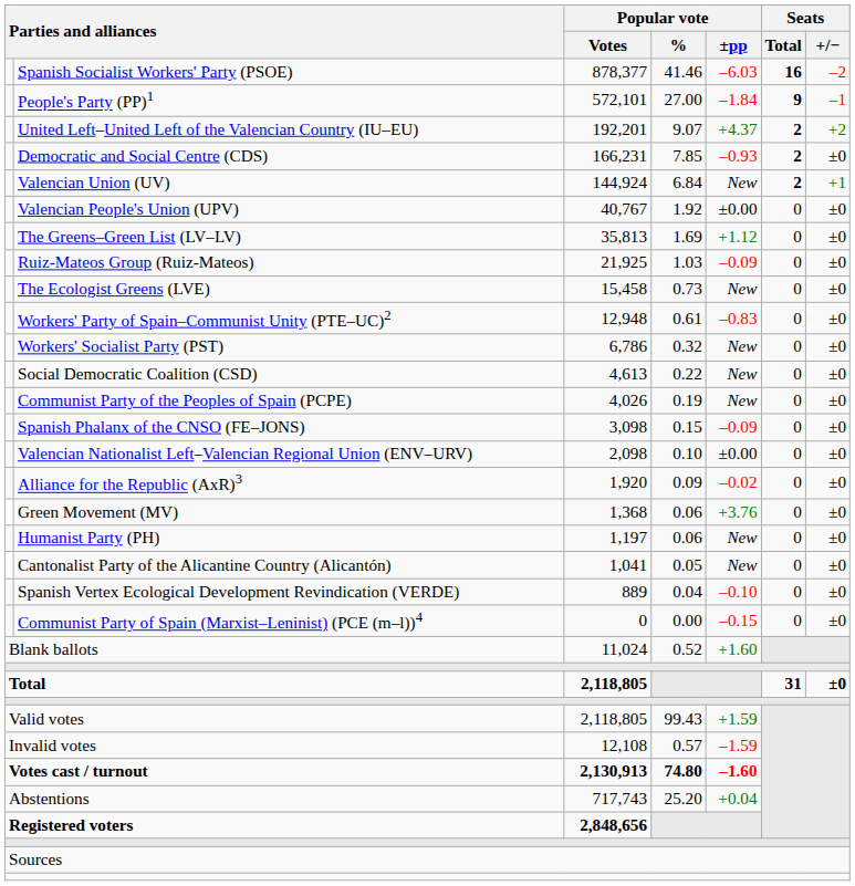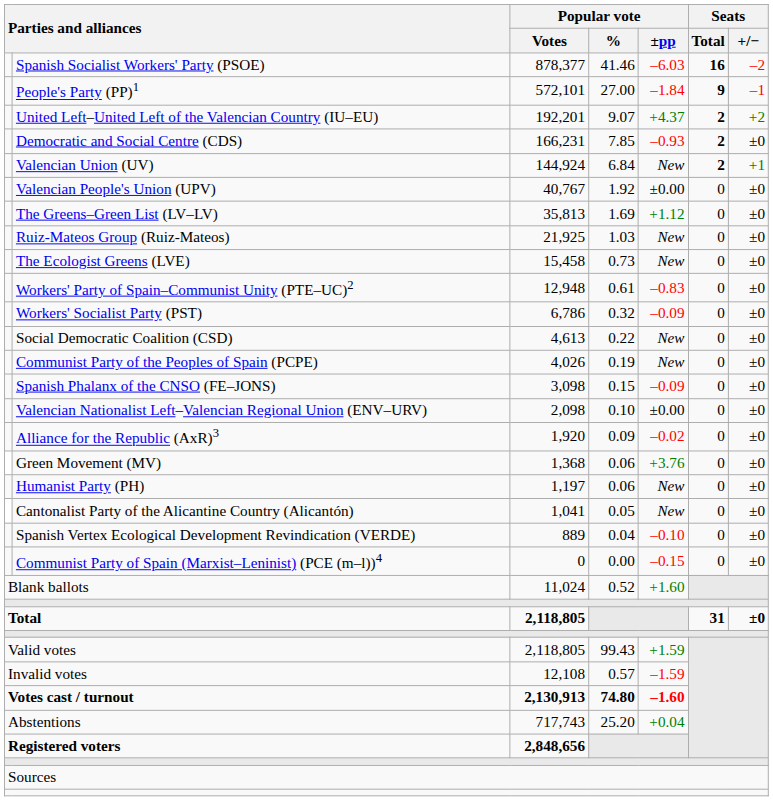 <table class="wikitable" style="text-align:right;">
 <tr>
 <th style="text-align:left;" rowspan="2" colspan="2" width="525">Parties and alliances</th>
 <th colspan="3">Popular vote</th>
 <th colspan="2">Seats</th>
 </tr>
 <tr>
 <th width="75">Votes</th>
 <th width="45">%</th>
 <th width="45">±<a href='#'>pp</a></th>
 <th width="35">Total</th>
 <th width="35">+/−</th>
 </tr>
 <tr>
 <td width="1" style="color:inherit;background:"></td>
 <td align="left"><a href='#'>Spanish Socialist Workers' Party</a> (PSOE)</td>
 <td>878,377</td>
 <td>41.46</td>
 <td style="color:red;">–6.03</td>
 <td><strong>16</strong></td>
 <td style="color:red;">–2</td>
 </tr>
 <tr>
 <td style="color:inherit;background:"></td>
 <td align="left"><a href='#'>People's Party</a> (PP)<sup>1</sup></td>
 <td>572,101</td>
 <td>27.00</td>
 <td style="color:red;">–1.84</td>
 <td><strong>9</strong></td>
 <td style="color:red;">–1</td>
 </tr>
 <tr>
 <td style="color:inherit;background:"></td>
 <td align="left"><a href='#'>United Left</a>–<a href='#'>United Left of the Valencian Country</a> (IU–EU)</td>
 <td>192,201</td>
 <td>9.07</td>
 <td style="color:green;">+4.37</td>
 <td><strong>2</strong></td>
 <td style="color:green;">+2</td>
 </tr>
 <tr>
 <td style="color:inherit;background:"></td>
 <td align="left"><a href='#'>Democratic and Social Centre</a> (CDS)</td>
 <td>166,231</td>
 <td>7.85</td>
 <td style="color:red;">–0.93</td>
 <td><strong>2</strong></td>
 <td>±0</td>
 </tr>
 <tr>
 <td style="color:inherit;background:"></td>
 <td align="left"><a href='#'>Valencian Union</a> (UV)</td>
 <td>144,924</td>
 <td>6.84</td>
 <td><em>New</em></td>
 <td><strong>2</strong></td>
 <td style="color:green;">+1</td>
 </tr>
 <tr>
 <td style="color:inherit;background:"></td>
 <td align="left"><a href='#'>Valencian People's Union</a> (UPV)</td>
 <td>40,767</td>
 <td>1.92</td>
 <td>±0.00</td>
 <td>0</td>
 <td>±0</td>
 </tr>
 <tr>
 <td style="color:inherit;background:"></td>
 <td align="left"><a href='#'>The Greens–Green List</a> (LV–LV)</td>
 <td>35,813</td>
 <td>1.69</td>
 <td style="color:green;">+1.12</td>
 <td>0</td>
 <td>±0</td>
 </tr>
 <tr>
 <td style="color:inherit;background:"></td>
 <td align="left"><a href='#'>Ruiz-Mateos Group</a> (Ruiz-Mateos)</td>
 <td>21,925</td>
 <td>1.03</td>
-<td style="color:red;">–0.09</td>
+<td><em>New</em></td>
 <td>0</td>
 <td>±0</td>
 </tr>
 <tr>
 <td style="color:inherit;background:"></td>
 <td align="left"><a href='#'>The Ecologist Greens</a> (LVE)</td>
 <td>15,458</td>
 <td>0.73</td>
 <td><em>New</em></td>
 <td>0</td>
 <td>±0</td>
 </tr>
 <tr>
 <td style="color:inherit;background:"></td>
 <td align="left"><a href='#'>Workers' Party of Spain–Communist Unity</a> (PTE–UC)<sup>2</sup></td>
 <td>12,948</td>
 <td>0.61</td>
 <td style="color:red;">–0.83</td>
 <td>0</td>
 <td>±0</td>
 </tr>
 <tr>
 <td style="color:inherit;background:"></td>
 <td align="left"><a href='#'>Workers' Socialist Party</a> (PST)</td>
 <td>6,786</td>
 <td>0.32</td>
-<td><em>New</em></td>
+<td style="color:red;">–0.09</td>
 <td>0</td>
 <td>±0</td>
 </tr>
 <tr>
 <td style="color:inherit;background:"></td>
 <td align="left">Social Democratic Coalition (CSD)</td>
 <td>4,613</td>
 <td>0.22</td>
 <td><em>New</em></td>
 <td>0</td>
 <td>±0</td>
 </tr>
 <tr>
 <td style="color:inherit;background:"></td>
 <td align="left"><a href='#'>Communist Party of the Peoples of Spain</a> (PCPE)</td>
 <td>4,026</td>
 <td>0.19</td>
 <td><em>New</em></td>
 <td>0</td>
 <td>±0</td>
 </tr>
 <tr>
 <td style="color:inherit;background:"></td>
 <td align="left"><a href='#'>Spanish Phalanx of the CNSO</a> (FE–JONS)</td>
 <td>3,098</td>
 <td>0.15</td>
 <td style="color:red;">–0.09</td>
 <td>0</td>
 <td>±0</td>
 </tr>
 <tr>
 <td style="color:inherit;background:"></td>
 <td align="left"><a href='#'>Valencian Nationalist Left</a>–<a href='#'>Valencian Regional Union</a> (ENV–URV)</td>
 <td>2,098</td>
 <td>0.10</td>
 <td>±0.00</td>
 <td>0</td>
 <td>±0</td>
 </tr>
 <tr>
 <td style="color:inherit;background:"></td>
 <td align="left"><a href='#'>Alliance for the Republic</a> (AxR)<sup>3</sup></td>
 <td>1,920</td>
 <td>0.09</td>
 <td style="color:red;">–0.02</td>
 <td>0</td>
 <td>±0</td>
 </tr>
 <tr>
 <td bgcolor="white"></td>
 <td align="left">Green Movement (MV)</td>
 <td>1,368</td>
 <td>0.06</td>
 <td style="color:green;">+3.76</td>
 <td>0</td>
 <td>±0</td>
 </tr>
 <tr>
 <td style="color:inherit;background:"></td>
 <td align="left"><a href='#'>Humanist Party</a> (PH)</td>
 <td>1,197</td>
 <td>0.06</td>
 <td><em>New</em></td>
 <td>0</td>
 <td>±0</td>
 </tr>
 <tr>
 <td bgcolor="white"></td>
 <td align="left">Cantonalist Party of the Alicantine Country (Alicantón)</td>
 <td>1,041</td>
 <td>0.05</td>
 <td><em>New</em></td>
 <td>0</td>
 <td>±0</td>
 </tr>
 <tr>
 <td style="color:inherit;background:"></td>
 <td align="left">Spanish Vertex Ecological Development Revindication (VERDE)</td>
 <td>889</td>
 <td>0.04</td>
 <td style="color:red;">–0.10</td>
 <td>0</td>
 <td>±0</td>
 </tr>
 <tr>
 <td style="color:inherit;background:"></td>
 <td align="left"><a href='#'>Communist Party of Spain (Marxist–Leninist)</a> (PCE (m–l))<sup>4</sup></td>
 <td>0</td>
 <td>0.00</td>
 <td style="color:red;">–0.15</td>
 <td>0</td>
 <td>±0</td>
 </tr>
 <tr>
 <td align="left" colspan="2">Blank ballots</td>
 <td>11,024</td>
 <td>0.52</td>
 <td style="color:green;">+1.60</td>
 <td bgcolor="#E9E9E9" colspan="2"></td>
 </tr>
 <tr>
 <td colspan="7" bgcolor="#E9E9E9"></td>
 </tr>
 <tr style="font-weight:bold;">
 <td align="left" colspan="2">Total</td>
 <td>2,118,805</td>
 <td bgcolor="#E9E9E9" colspan="2"></td>
 <td>31</td>
 <td>±0</td>
 </tr>
 <tr>
 <td colspan="7" bgcolor="#E9E9E9"></td>
 </tr>
 <tr>
 <td align="left" colspan="2">Valid votes</td>
 <td>2,118,805</td>
 <td>99.43</td>
 <td style="color:green;">+1.59</td>
 <td bgcolor="#E9E9E9" colspan="2" rowspan="5"></td>
 </tr>
 <tr>
 <td align="left" colspan="2">Invalid votes</td>
 <td>12,108</td>
 <td>0.57</td>
 <td style="color:red;">–1.59</td>
 </tr>
 <tr style="font-weight:bold;">
 <td align="left" colspan="2">Votes cast / turnout</td>
 <td>2,130,913</td>
 <td>74.80</td>
 <td style="color:red;">–1.60</td>
 </tr>
 <tr>
 <td align="left" colspan="2">Abstentions</td>
 <td>717,743</td>
 <td>25.20</td>
 <td style="color:green;">+0.04</td>
 </tr>
 <tr style="font-weight:bold;">
 <td align="left" colspan="2">Registered voters</td>
 <td>2,848,656</td>
 <td bgcolor="#E9E9E9" colspan="2"></td>
 </tr>
 <tr>
 <td colspan="7" bgcolor="#E9E9E9"></td>
 </tr>
 <tr>
 <td align="left" colspan="7">Sources</td>
 </tr>
 <tr>
 <td colspan="7" style="text-align:left; max-width:790px;"></td>
 </tr>
 </table>
